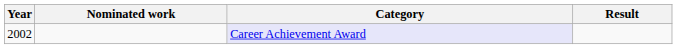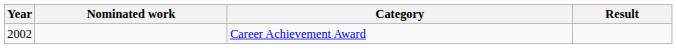 <table class=wikitable>
 <tr>
 <th width=4%>Year</th>
 <th width=29%>Nominated work</th>
 <th width=52%>Category</th>
 <th width=15%>Result</th>
 </tr>
 <tr>
 <td align=center>2002</td>
 <td></td>
-<td style="background: lavender;"><a href='#'>Career Achievement Award</a></td>
+<td><a href='#'>Career Achievement Award</a></td>
 <td></td>
 </tr>
 </table>
